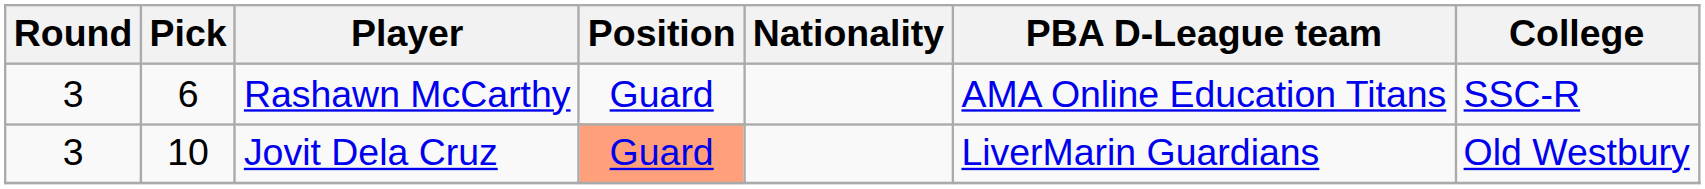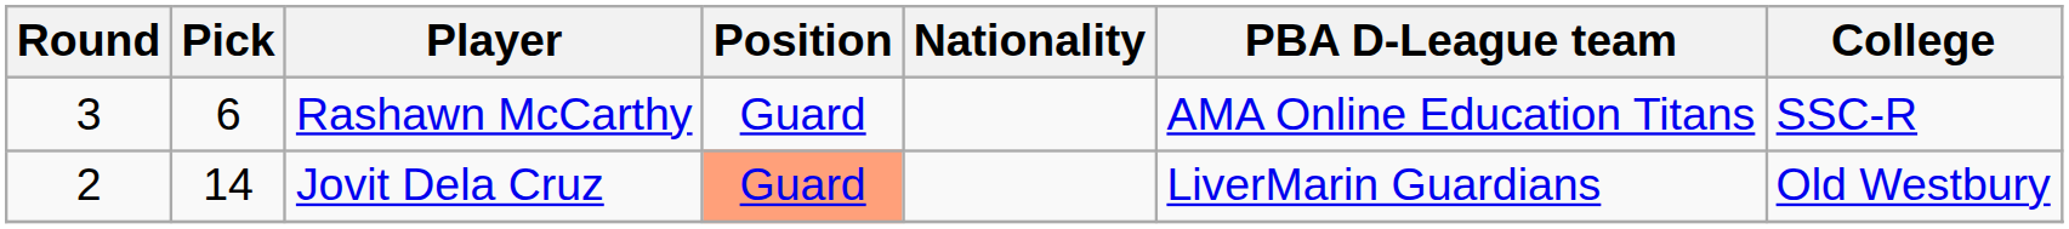 <table class="wikitable sortable sortable">
 <tr>
 <th>Round</th>
 <th>Pick</th>
 <th>Player</th>
 <th>Position</th>
 <th>Nationality</th>
 <th>PBA D-League team</th>
 <th>College</th>
 </tr>
 <tr>
 <td align=center>3</td>
 <td align=center>6</td>
 <td><a href='#'>Rashawn McCarthy</a></td>
 <td align=center><a href='#'>Guard</a></td>
 <td align=center></td>
 <td><a href='#'>AMA Online Education Titans</a></td>
 <td><a href='#'>SSC-R</a></td>
 </tr>
 <tr>
-<td align=center>3</td>
-<td align=center>10</td>
+<td align=center>2</td>
+<td align=center>14</td>
 <td><a href='#'>Jovit Dela Cruz</a></td>
 <td align=center style="background: lightsalmon;"><a href='#'>Guard</a></td>
 <td align=center></td>
 <td><a href='#'>LiverMarin Guardians</a></td>
 <td><a href='#'>Old Westbury</a></td>
 </tr>
 <tr>
 </tr>
 </table>
